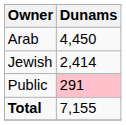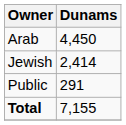 <table class="wikitable">
 <tr>
 <th>Owner</th>
 <th>Dunams</th>
 </tr>
 <tr>
 <td>Arab</td>
 <td>4,450</td>
 </tr>
 <tr>
 <td>Jewish</td>
 <td>2,414</td>
 </tr>
 <tr>
 <td>Public</td>
-<td style="background: pink;">291</td>
+<td>291</td>
 </tr>
 <tr>
 <td><strong>Total</strong></td>
 <td>7,155</td>
 </tr>
 <tr>
 </tr>
 </table>
